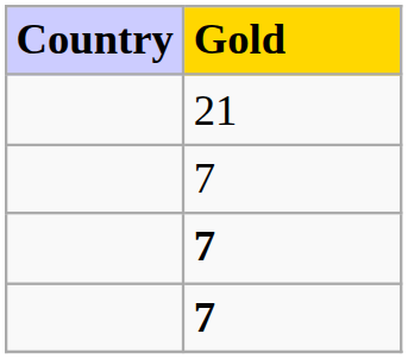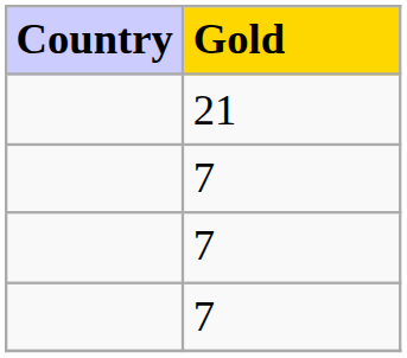 <table class="wikitable sortable">
 <tr>
 <td style="background:#ccccff; font-weight:bold;">Country</td>
 <td style="background:gold; width:4.5em; font-weight:bold;">Gold</td>
 </tr>
 <tr>
 <td></td>
 <td>21</td>
 </tr>
 <tr>
 <td></td>
 <td>7</td>
 </tr>
 <tr>
 <td></td>
-<td><strong>7</strong></td>
+<td>7</td>
 </tr>
 <tr>
 <td></td>
-<td><strong>7</strong></td>
+<td>7</td>
 </tr>
 <tr>
 </tr>
 </table>
